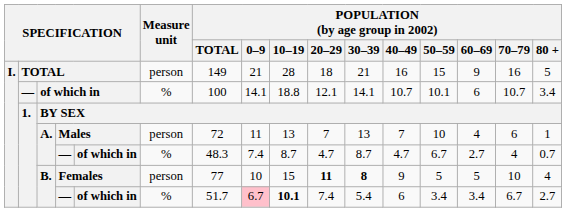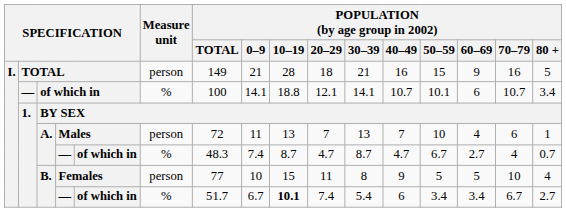 <table class="wikitable" style="font-size:85%; text-align:center">
 <tr>
 <th rowspan="2" colspan="5">SPECIFICATION</th>
 <th rowspan="2">Measure<br> unit</th>
 <th colspan="10" rowspan="1">POPULATION<br> (by age group in 2002)</th>
 </tr>
 <tr>
 <th>TOTAL</th>
 <th>0–9</th>
 <th>10–19</th>
 <th>20–29</th>
 <th>30–39</th>
 <th>40–49</th>
 <th>50–59</th>
 <th>60–69</th>
 <th>70–79</th>
 <th>80 +</th>
 </tr>
 <tr>
 <th style="text-align:left" valign="top" rowspan="7">I.</th>
 <th style="text-align:left" colspan="4">TOTAL</th>
 <td>person</td>
 <td>149</td>
 <td>21</td>
 <td>28</td>
 <td>18</td>
 <td>21</td>
 <td>16</td>
 <td>15</td>
 <td>9</td>
 <td>16</td>
 <td>5</td>
 </tr>
 <tr>
 <th style="text-align:left" valign="top">—</th>
 <th style="text-align:left" colspan="3">of which in</th>
 <td>%</td>
 <td>100</td>
 <td>14.1</td>
 <td>18.8</td>
 <td>12.1</td>
 <td>14.1</td>
 <td>10.7</td>
 <td>10.1</td>
 <td>6</td>
 <td>10.7</td>
 <td>3.4</td>
 </tr>
 <tr>
 <th style="text-align:left" valign="top" rowspan="5">1.</th>
 <th style="text-align:left" colspan="14">BY SEX</th>
 </tr>
 <tr>
 <th style="text-align:left" valign="top" rowspan="2">A.</th>
 <th style="text-align:left" colspan="2">Males</th>
 <td>person</td>
 <td>72</td>
 <td>11</td>
 <td>13</td>
 <td>7</td>
 <td>13</td>
 <td>7</td>
 <td>10</td>
 <td>4</td>
 <td>6</td>
 <td>1</td>
 </tr>
 <tr>
 <th style="text-align:left" valign="top">—</th>
 <th style="text-align:left" colspan="1">of which in</th>
 <td>%</td>
 <td>48.3</td>
 <td>7.4</td>
 <td>8.7</td>
 <td>4.7</td>
 <td>8.7</td>
 <td>4.7</td>
 <td>6.7</td>
 <td>2.7</td>
 <td>4</td>
 <td>0.7</td>
 </tr>
 <tr>
 <th style="text-align:left" valign="top" rowspan="2">B.</th>
 <th style="text-align:left" colspan="2">Females</th>
 <td>person</td>
 <td>77</td>
 <td>10</td>
 <td>15</td>
-<td><strong>11</strong></td>
-<td><strong>8</strong></td>
+<td>11</td>
+<td>8</td>
 <td>9</td>
 <td>5</td>
 <td>5</td>
 <td>10</td>
 <td>4</td>
 </tr>
 <tr>
 <th style="text-align:left" valign="top">—</th>
 <th style="text-align:left" colspan="1">of which in</th>
 <td>%</td>
 <td>51.7</td>
-<td style="background: pink;">6.7</td>
+<td>6.7</td>
 <td><strong>10.1</strong></td>
 <td>7.4</td>
 <td>5.4</td>
 <td>6</td>
 <td>3.4</td>
 <td>3.4</td>
 <td>6.7</td>
 <td>2.7</td>
 </tr>
 </table>
